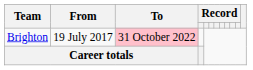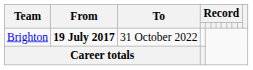 <table class="wikitable" style="text-align: center">
 <tr>
 <th rowspan="2">Team</th>
 <th rowspan="2">From</th>
 <th rowspan="2">To</th>
 <th colspan="8">Record</th>
 <th rowspan="2"></th>
 </tr>
 <tr>
 <th></th>
 <th></th>
 <th></th>
 <th></th>
 <th></th>
 <th></th>
 <th></th>
 <th></th>
 </tr>
 <tr>
 <td><a href='#'>Brighton</a></td>
-<td>19 July 2017</td>
-<td style="background: pink;">31 October 2022<br></td>
+<td><strong>19 July 2017</strong></td>
+<td>31 October 2022<br></td>
 <td></td>
 </tr>
 <tr>
 <th colspan=3>Career totals<br></th>
 <th></th>
 </tr>
 </table>
